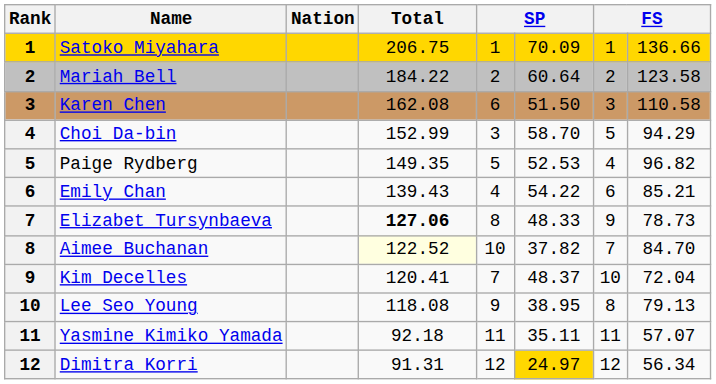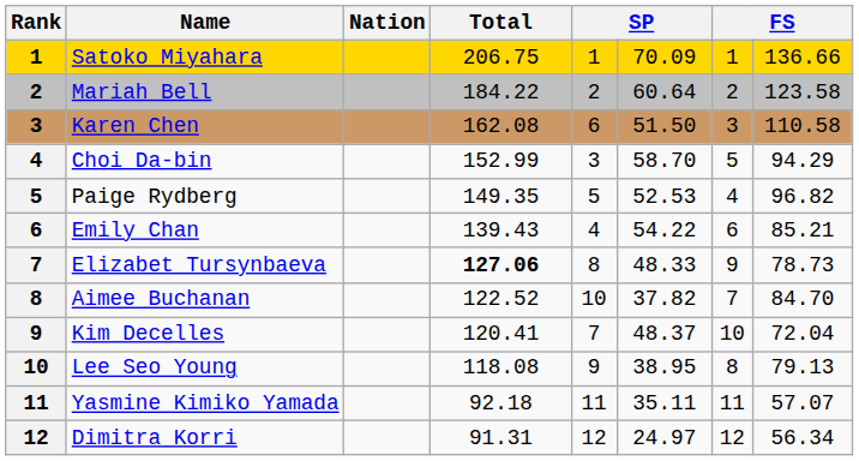 <table class="wikitable sortable">
 <tr>
 <th>Rank</th>
 <th>Name</th>
 <th>Nation</th>
 <th width="80px">Total</th>
 <th colspan="2" width="80px"><a href='#'>SP</a></th>
 <th colspan="2" width="80px"><a href='#'>FS</a></th>
 </tr>
 <tr bgcolor="gold">
 <td align="center"><strong>1</strong></td>
 <td><a href='#'>Satoko Miyahara</a></td>
 <td></td>
 <td align="center">206.75</td>
 <td align="center">1</td>
 <td align="center">70.09</td>
 <td align="center">1</td>
 <td align="center">136.66</td>
 </tr>
 <tr bgcolor="silver">
 <td align="center"><strong>2</strong></td>
 <td><a href='#'>Mariah Bell</a></td>
 <td></td>
 <td align="center">184.22</td>
 <td align="center">2</td>
 <td align="center">60.64</td>
 <td align="center">2</td>
 <td align="center">123.58</td>
 </tr>
 <tr bgcolor="cc9966">
 <td align="center"><strong>3</strong></td>
 <td><a href='#'>Karen Chen</a></td>
 <td></td>
 <td align="center">162.08</td>
 <td align="center">6</td>
 <td align="center">51.50</td>
 <td align="center">3</td>
 <td align="center">110.58</td>
 </tr>
 <tr>
 <th>4</th>
 <td><a href='#'>Choi Da-bin</a></td>
 <td></td>
 <td align="center">152.99</td>
 <td align="center">3</td>
 <td align="center">58.70</td>
 <td align="center">5</td>
 <td align="center">94.29</td>
 </tr>
 <tr>
 <th>5</th>
 <td>Paige Rydberg</td>
 <td></td>
 <td align="center">149.35</td>
 <td align="center">5</td>
 <td align="center">52.53</td>
 <td align="center">4</td>
 <td align="center">96.82</td>
 </tr>
 <tr>
 <th>6</th>
 <td><a href='#'>Emily Chan</a></td>
 <td></td>
 <td align="center">139.43</td>
 <td align="center">4</td>
 <td align="center">54.22</td>
 <td align="center">6</td>
 <td align="center">85.21</td>
 </tr>
 <tr>
 <th>7</th>
 <td><a href='#'>Elizabet Tursynbaeva</a></td>
 <td></td>
 <td align="center"><strong>127.06</strong></td>
 <td align="center">8</td>
 <td align="center">48.33</td>
 <td align="center">9</td>
 <td align="center">78.73</td>
 </tr>
 <tr>
 <th>8</th>
 <td><a href='#'>Aimee Buchanan</a></td>
 <td></td>
-<td align="center" style="background: lightyellow;">122.52</td>
+<td align="center">122.52</td>
 <td align="center">10</td>
 <td align="center">37.82</td>
 <td align="center">7</td>
 <td align="center">84.70</td>
 </tr>
 <tr>
 <th>9</th>
 <td><a href='#'>Kim Decelles</a></td>
 <td></td>
 <td align="center">120.41</td>
 <td align="center">7</td>
 <td align="center">48.37</td>
 <td align="center">10</td>
 <td align="center">72.04</td>
 </tr>
 <tr>
 <th>10</th>
 <td><a href='#'>Lee Seo Young</a></td>
 <td></td>
 <td align="center">118.08</td>
 <td align="center">9</td>
 <td align="center">38.95</td>
 <td align="center">8</td>
 <td align="center">79.13</td>
 </tr>
 <tr>
 <th>11</th>
 <td><a href='#'>Yasmine Kimiko Yamada</a></td>
 <td></td>
 <td align="center">92.18</td>
 <td align="center">11</td>
 <td align="center">35.11</td>
 <td align="center">11</td>
 <td align="center">57.07</td>
 </tr>
 <tr>
 <th>12</th>
 <td><a href='#'>Dimitra Korri</a></td>
 <td></td>
 <td align="center">91.31</td>
 <td align="center">12</td>
-<td align="center" style="background: gold;">24.97</td>
+<td align="center">24.97</td>
 <td align="center">12</td>
 <td align="center">56.34</td>
 </tr>
 </table>
